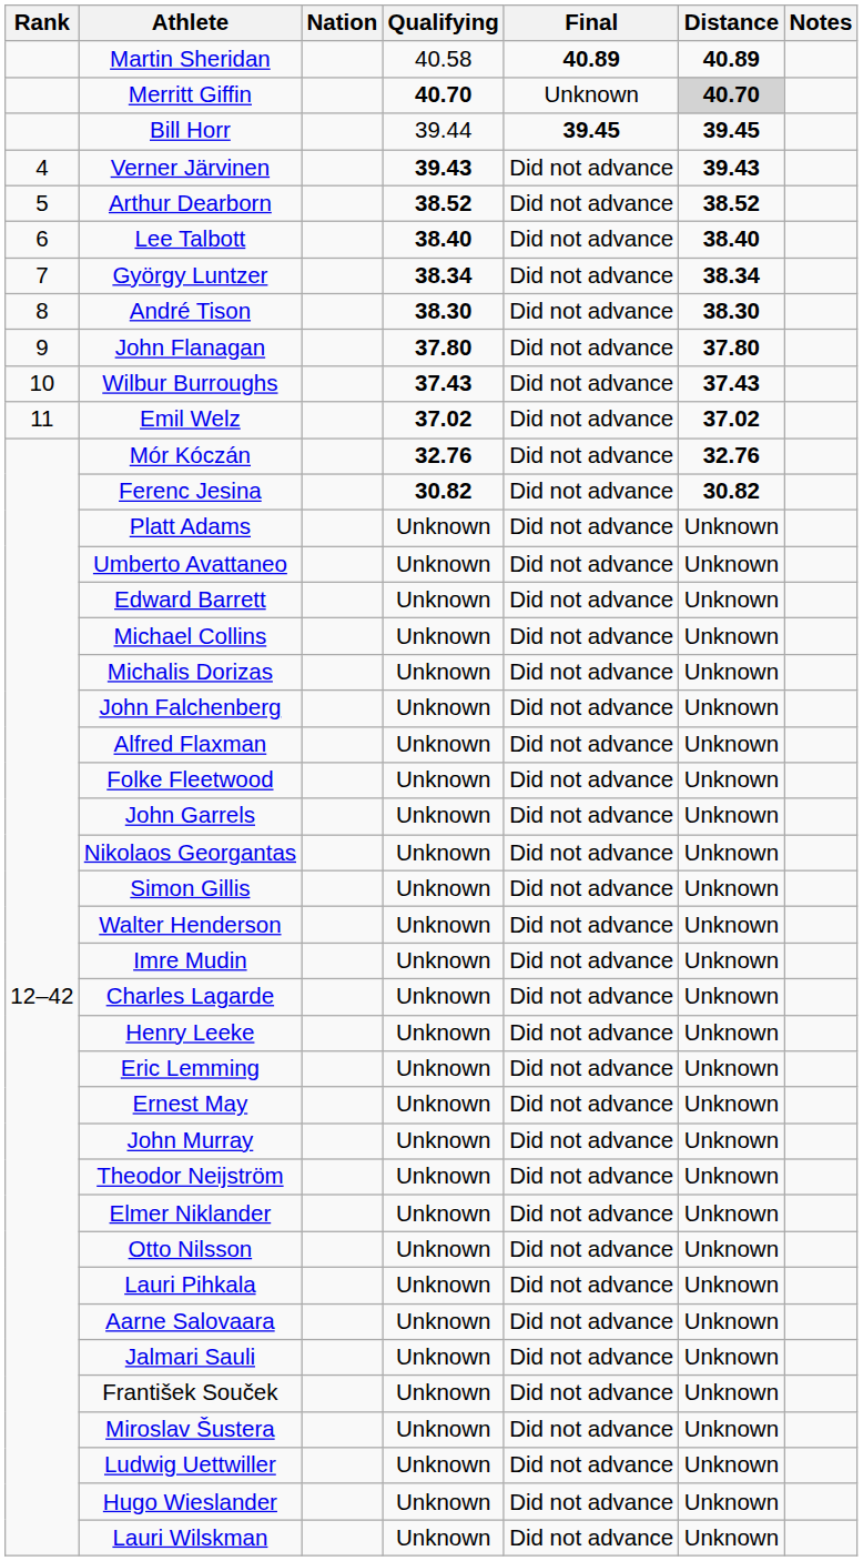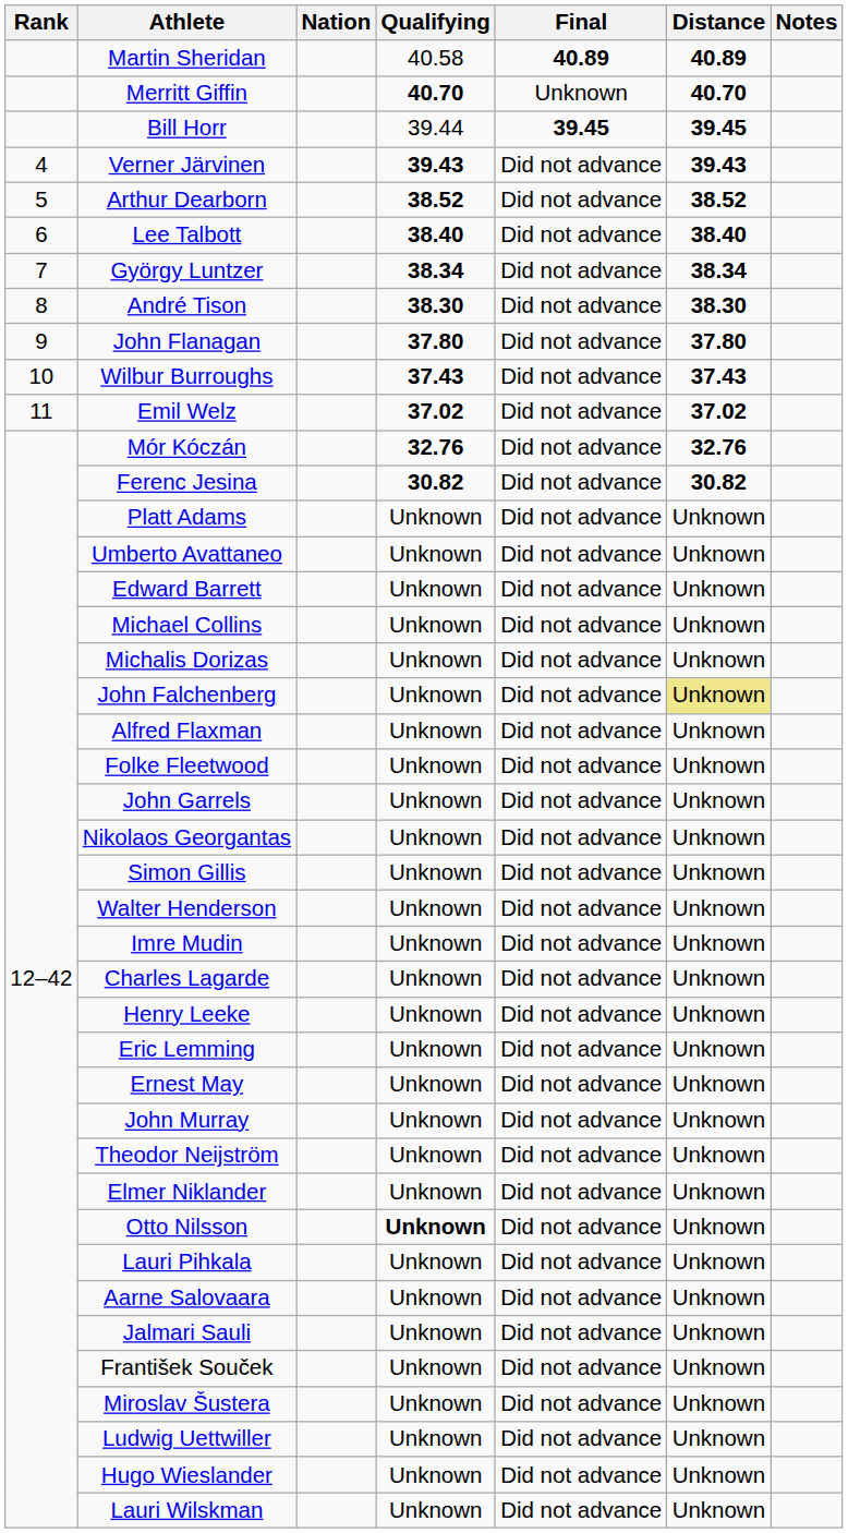 <table class="wikitable sortable" style="text-align:center">
 <tr>
 <th>Rank</th>
 <th>Athlete</th>
 <th>Nation</th>
 <th>Qualifying</th>
 <th>Final</th>
 <th>Distance</th>
 <th>Notes</th>
 </tr>
 <tr>
 <td></td>
 <td><a href='#'>Martin Sheridan</a></td>
 <td align=left></td>
 <td>40.58</td>
 <td><strong>40.89</strong> </td>
 <td><strong>40.89</strong></td>
 <td></td>
 </tr>
 <tr>
 <td></td>
 <td><a href='#'>Merritt Giffin</a></td>
 <td align=left></td>
 <td><strong>40.70</strong> </td>
 <td data-sort-value=40.70>Unknown</td>
-<td style="background: lightgrey;"><strong>40.70</strong></td>
+<td><strong>40.70</strong></td>
 <td></td>
 </tr>
 <tr>
 <td></td>
 <td><a href='#'>Bill Horr</a></td>
 <td align=left></td>
 <td>39.44</td>
 <td><strong>39.45</strong></td>
 <td><strong>39.45</strong></td>
 <td></td>
 </tr>
 <tr>
 <td>4</td>
 <td><a href='#'>Verner Järvinen</a></td>
 <td align=left></td>
 <td><strong>39.43</strong></td>
 <td data-sort-value=0.00>Did not advance</td>
 <td><strong>39.43</strong></td>
 <td></td>
 </tr>
 <tr>
 <td>5</td>
 <td><a href='#'>Arthur Dearborn</a></td>
 <td align=left></td>
 <td><strong>38.52</strong></td>
 <td data-sort-value=0.00>Did not advance</td>
 <td><strong>38.52</strong></td>
 <td></td>
 </tr>
 <tr>
 <td>6</td>
 <td><a href='#'>Lee Talbott</a></td>
 <td align=left></td>
 <td><strong>38.40</strong></td>
 <td data-sort-value=0.00>Did not advance</td>
 <td><strong>38.40</strong></td>
 <td></td>
 </tr>
 <tr>
 <td>7</td>
 <td><a href='#'>György Luntzer</a></td>
 <td align=left></td>
 <td><strong>38.34</strong></td>
 <td data-sort-value=0.00>Did not advance</td>
 <td><strong>38.34</strong></td>
 <td></td>
 </tr>
 <tr>
 <td>8</td>
 <td><a href='#'>André Tison</a></td>
 <td align=left></td>
 <td><strong>38.30</strong></td>
 <td data-sort-value=0.00>Did not advance</td>
 <td><strong>38.30</strong></td>
 <td></td>
 </tr>
 <tr>
 <td>9</td>
 <td><a href='#'>John Flanagan</a></td>
 <td align=left></td>
 <td><strong>37.80</strong></td>
 <td data-sort-value=0.00>Did not advance</td>
 <td><strong>37.80</strong></td>
 <td></td>
 </tr>
 <tr>
 <td>10</td>
 <td><a href='#'>Wilbur Burroughs</a></td>
 <td align=left></td>
 <td><strong>37.43</strong></td>
 <td data-sort-value=0.00>Did not advance</td>
 <td><strong>37.43</strong></td>
 <td></td>
 </tr>
 <tr>
 <td>11</td>
 <td><a href='#'>Emil Welz</a></td>
 <td align=left></td>
 <td><strong>37.02</strong></td>
 <td data-sort-value=0.00>Did not advance</td>
 <td><strong>37.02</strong></td>
 <td></td>
 </tr>
 <tr>
 <td align=center rowspan=31>12–42</td>
 <td><a href='#'>Mór Kóczán</a></td>
 <td align=left></td>
 <td><strong>32.76</strong></td>
 <td data-sort-value=0.00>Did not advance</td>
 <td><strong>32.76</strong></td>
 <td></td>
 </tr>
 <tr>
 <td><a href='#'>Ferenc Jesina</a></td>
 <td align=left></td>
 <td><strong>30.82</strong></td>
 <td data-sort-value=0.00>Did not advance</td>
 <td><strong>30.82</strong></td>
 <td></td>
 </tr>
 <tr>
 <td><a href='#'>Platt Adams</a></td>
 <td align=left></td>
 <td data-sort-value=30.00>Unknown</td>
 <td data-sort-value=0.00>Did not advance</td>
 <td data-sort-value=30.00>Unknown</td>
 <td></td>
 </tr>
 <tr>
 <td><a href='#'>Umberto Avattaneo</a></td>
 <td align=left></td>
 <td data-sort-value=30.00>Unknown</td>
 <td data-sort-value=0.00>Did not advance</td>
 <td data-sort-value=30.00>Unknown</td>
 <td></td>
 </tr>
 <tr>
 <td><a href='#'>Edward Barrett</a></td>
 <td align=left></td>
 <td data-sort-value=30.00>Unknown</td>
 <td data-sort-value=0.00>Did not advance</td>
 <td data-sort-value=30.00>Unknown</td>
 <td></td>
 </tr>
 <tr>
 <td><a href='#'>Michael Collins</a></td>
 <td align=left></td>
 <td data-sort-value=30.00>Unknown</td>
 <td data-sort-value=0.00>Did not advance</td>
 <td data-sort-value=30.00>Unknown</td>
 <td></td>
 </tr>
 <tr>
 <td><a href='#'>Michalis Dorizas</a></td>
 <td align=left></td>
 <td data-sort-value=30.00>Unknown</td>
 <td data-sort-value=0.00>Did not advance</td>
 <td data-sort-value=30.00>Unknown</td>
 <td></td>
 </tr>
 <tr>
 <td><a href='#'>John Falchenberg</a></td>
 <td align=left></td>
 <td data-sort-value=30.00>Unknown</td>
 <td data-sort-value=0.00>Did not advance</td>
-<td data-sort-value=30.00>Unknown</td>
+<td data-sort-value=30.00 style="background: khaki;">Unknown</td>
 <td></td>
 </tr>
 <tr>
 <td><a href='#'>Alfred Flaxman</a></td>
 <td align=left></td>
 <td data-sort-value=30.00>Unknown</td>
 <td data-sort-value=0.00>Did not advance</td>
 <td data-sort-value=30.00>Unknown</td>
 <td></td>
 </tr>
 <tr>
 <td><a href='#'>Folke Fleetwood</a></td>
 <td align=left></td>
 <td data-sort-value=30.00>Unknown</td>
 <td data-sort-value=0.00>Did not advance</td>
 <td data-sort-value=30.00>Unknown</td>
 <td></td>
 </tr>
 <tr>
 <td><a href='#'>John Garrels</a></td>
 <td align=left></td>
 <td data-sort-value=30.00>Unknown</td>
 <td data-sort-value=0.00>Did not advance</td>
 <td data-sort-value=30.00>Unknown</td>
 <td></td>
 </tr>
 <tr>
 <td><a href='#'>Nikolaos Georgantas</a></td>
 <td align=left></td>
 <td data-sort-value=30.00>Unknown</td>
 <td data-sort-value=0.00>Did not advance</td>
 <td data-sort-value=30.00>Unknown</td>
 <td></td>
 </tr>
 <tr>
 <td><a href='#'>Simon Gillis</a></td>
 <td align=left></td>
 <td data-sort-value=30.00>Unknown</td>
 <td data-sort-value=0.00>Did not advance</td>
 <td data-sort-value=30.00>Unknown</td>
 <td></td>
 </tr>
 <tr>
 <td><a href='#'>Walter Henderson</a></td>
 <td align=left></td>
 <td data-sort-value=30.00>Unknown</td>
 <td data-sort-value=0.00>Did not advance</td>
 <td data-sort-value=30.00>Unknown</td>
 <td></td>
 </tr>
 <tr>
 <td><a href='#'>Imre Mudin</a></td>
 <td align=left></td>
 <td data-sort-value=30.00>Unknown</td>
 <td data-sort-value=0.00>Did not advance</td>
 <td data-sort-value=30.00>Unknown</td>
 <td></td>
 </tr>
 <tr>
 <td><a href='#'>Charles Lagarde</a></td>
 <td align=left></td>
 <td data-sort-value=30.00>Unknown</td>
 <td data-sort-value=0.00>Did not advance</td>
 <td data-sort-value=30.00>Unknown</td>
 <td></td>
 </tr>
 <tr>
 <td><a href='#'>Henry Leeke</a></td>
 <td align=left></td>
 <td data-sort-value=30.00>Unknown</td>
 <td data-sort-value=0.00>Did not advance</td>
 <td data-sort-value=30.00>Unknown</td>
 <td></td>
 </tr>
 <tr>
 <td><a href='#'>Eric Lemming</a></td>
 <td align=left></td>
 <td data-sort-value=30.00>Unknown</td>
 <td data-sort-value=0.00>Did not advance</td>
 <td data-sort-value=30.00>Unknown</td>
 <td></td>
 </tr>
 <tr>
 <td><a href='#'>Ernest May</a></td>
 <td align=left></td>
 <td data-sort-value=30.00>Unknown</td>
 <td data-sort-value=0.00>Did not advance</td>
 <td data-sort-value=30.00>Unknown</td>
 <td></td>
 </tr>
 <tr>
 <td><a href='#'>John Murray</a></td>
 <td align=left></td>
 <td data-sort-value=30.00>Unknown</td>
 <td data-sort-value=0.00>Did not advance</td>
 <td data-sort-value=30.00>Unknown</td>
 <td></td>
 </tr>
 <tr>
 <td><a href='#'>Theodor Neijström</a></td>
 <td align=left></td>
 <td data-sort-value=30.00>Unknown</td>
 <td data-sort-value=0.00>Did not advance</td>
 <td data-sort-value=30.00>Unknown</td>
 <td></td>
 </tr>
 <tr>
 <td><a href='#'>Elmer Niklander</a></td>
 <td align=left></td>
 <td data-sort-value=30.00>Unknown</td>
 <td data-sort-value=0.00>Did not advance</td>
 <td data-sort-value=30.00>Unknown</td>
 <td></td>
 </tr>
 <tr>
 <td><a href='#'>Otto Nilsson</a></td>
 <td align=left></td>
-<td data-sort-value=30.00>Unknown</td>
+<td data-sort-value=30.00><strong>Unknown</strong></td>
 <td data-sort-value=0.00>Did not advance</td>
 <td data-sort-value=30.00>Unknown</td>
 <td></td>
 </tr>
 <tr>
 <td><a href='#'>Lauri Pihkala</a></td>
 <td align=left></td>
 <td data-sort-value=30.00>Unknown</td>
 <td data-sort-value=0.00>Did not advance</td>
 <td data-sort-value=30.00>Unknown</td>
 <td></td>
 </tr>
 <tr>
 <td><a href='#'>Aarne Salovaara</a></td>
 <td align=left></td>
 <td data-sort-value=30.00>Unknown</td>
 <td data-sort-value=0.00>Did not advance</td>
 <td data-sort-value=30.00>Unknown</td>
 <td></td>
 </tr>
 <tr>
 <td><a href='#'>Jalmari Sauli</a></td>
 <td align=left></td>
 <td data-sort-value=30.00>Unknown</td>
 <td data-sort-value=0.00>Did not advance</td>
 <td data-sort-value=30.00>Unknown</td>
 <td></td>
 </tr>
 <tr>
 <td>František Souček</td>
 <td align=left></td>
 <td data-sort-value=30.00>Unknown</td>
 <td data-sort-value=0.00>Did not advance</td>
 <td data-sort-value=30.00>Unknown</td>
 <td></td>
 </tr>
 <tr>
 <td><a href='#'>Miroslav Šustera</a></td>
 <td align=left></td>
 <td data-sort-value=30.00>Unknown</td>
 <td data-sort-value=0.00>Did not advance</td>
 <td data-sort-value=30.00>Unknown</td>
 <td></td>
 </tr>
 <tr>
 <td><a href='#'>Ludwig Uettwiller</a></td>
 <td align=left></td>
 <td data-sort-value=30.00>Unknown</td>
 <td data-sort-value=0.00>Did not advance</td>
 <td data-sort-value=30.00>Unknown</td>
 <td></td>
 </tr>
 <tr>
 <td><a href='#'>Hugo Wieslander</a></td>
 <td align=left></td>
 <td data-sort-value=30.00>Unknown</td>
 <td data-sort-value=0.00>Did not advance</td>
 <td data-sort-value=30.00>Unknown</td>
 <td></td>
 </tr>
 <tr>
 <td><a href='#'>Lauri Wilskman</a></td>
 <td align=left></td>
 <td data-sort-value=30.00>Unknown</td>
 <td data-sort-value=0.00>Did not advance</td>
 <td data-sort-value=30.00>Unknown</td>
 <td></td>
 </tr>
 </table>
